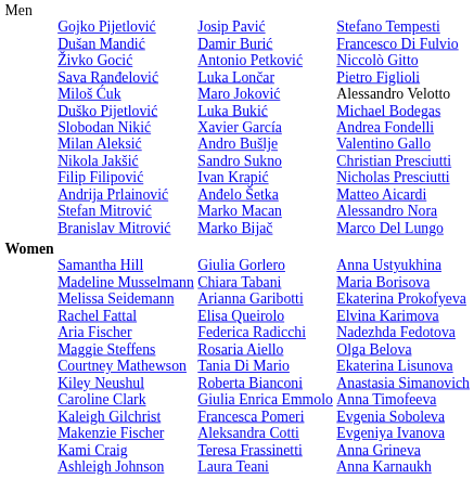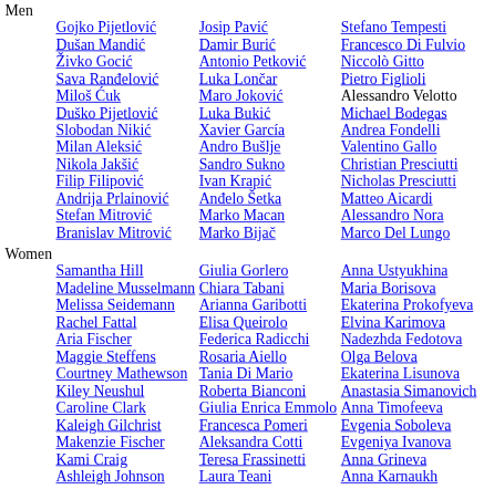 <table>
 <tr valign="top">
 <td>Men<br></td>
 <td><br><a href='#'>Gojko Pijetlović</a><br><a href='#'>Dušan Mandić</a><br><a href='#'>Živko Gocić</a><br><a href='#'>Sava Ranđelović</a><br><a href='#'>Miloš Ćuk</a><br><a href='#'>Duško Pijetlović</a><br><a href='#'>Slobodan Nikić</a><br><a href='#'>Milan Aleksić</a><br><a href='#'>Nikola Jakšić</a><br><a href='#'>Filip Filipović</a><br><a href='#'>Andrija Prlainović</a><br><a href='#'>Stefan Mitrović</a><br><a href='#'>Branislav Mitrović</a></td>
 <td><br><a href='#'>Josip Pavić</a><br><a href='#'>Damir Burić</a><br><a href='#'>Antonio Petković</a><br><a href='#'>Luka Lončar</a><br><a href='#'>Maro Joković</a><br><a href='#'>Luka Bukić</a><br><a href='#'>Xavier García</a><br><a href='#'>Andro Bušlje</a><br><a href='#'>Sandro Sukno</a><br><a href='#'>Ivan Krapić</a><br><a href='#'>Anđelo Šetka</a><br><a href='#'>Marko Macan</a><br><a href='#'>Marko Bijač</a></td>
 <td><br><a href='#'>Stefano Tempesti</a><br><a href='#'>Francesco Di Fulvio</a><br><a href='#'>Niccolò Gitto</a><br><a href='#'>Pietro Figlioli</a><br>Alessandro Velotto<br><a href='#'>Michael Bodegas</a><br><a href='#'>Andrea Fondelli</a><br><a href='#'>Valentino Gallo</a><br><a href='#'>Christian Presciutti</a><br><a href='#'>Nicholas Presciutti</a><br><a href='#'>Matteo Aicardi</a><br><a href='#'>Alessandro Nora</a><br><a href='#'>Marco Del Lungo</a></td>
 </tr>
 <tr valign="top">
-<td><strong>Women<br></strong></td>
+<td>Women<br></td>
 <td><br><a href='#'>Samantha Hill</a><br><a href='#'>Madeline Musselmann</a><br><a href='#'>Melissa Seidemann</a><br><a href='#'>Rachel Fattal</a><br><a href='#'>Aria Fischer</a><br><a href='#'>Maggie Steffens</a><br><a href='#'>Courtney Mathewson</a><br><a href='#'>Kiley Neushul</a><br><a href='#'>Caroline Clark</a><br><a href='#'>Kaleigh Gilchrist</a><br><a href='#'>Makenzie Fischer</a><br><a href='#'>Kami Craig</a><br><a href='#'>Ashleigh Johnson</a></td>
 <td><br><a href='#'>Giulia Gorlero</a><br><a href='#'>Chiara Tabani</a><br><a href='#'>Arianna Garibotti</a><br><a href='#'>Elisa Queirolo</a><br><a href='#'>Federica Radicchi</a><br><a href='#'>Rosaria Aiello</a><br><a href='#'>Tania Di Mario</a><br><a href='#'>Roberta Bianconi</a><br><a href='#'>Giulia Enrica Emmolo</a><br><a href='#'>Francesca Pomeri</a><br><a href='#'>Aleksandra Cotti</a><br><a href='#'>Teresa Frassinetti</a><br><a href='#'>Laura Teani</a></td>
 <td><br><a href='#'>Anna Ustyukhina</a><br><a href='#'>Maria Borisova</a><br><a href='#'>Ekaterina Prokofyeva</a><br><a href='#'>Elvina Karimova</a><br><a href='#'>Nadezhda Fedotova</a><br><a href='#'>Olga Belova</a><br><a href='#'>Ekaterina Lisunova</a><br><a href='#'>Anastasia Simanovich</a><br><a href='#'>Anna Timofeeva</a><br><a href='#'>Evgenia Soboleva</a><br><a href='#'>Evgeniya Ivanova</a><br><a href='#'>Anna Grineva</a><br><a href='#'>Anna Karnaukh</a></td>
 </tr>
 </table>
